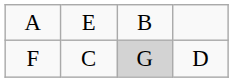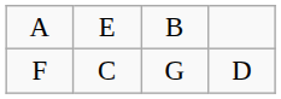 <table class="wikitable" style="margin-left: auto; margin-right: auto; border: none;text-align:center">
 <tr>
 <td>A</td>
 <td>E</td>
 <td>B</td>
 <td></td>
 </tr>
 <tr>
 <td style="width:2em;">F</td>
 <td style="width:2em;">C</td>
-<td style="background: lightgrey; width:2em;">G</td>
+<td style="width:2em;">G</td>
 <td style="width:2em;">D</td>
 </tr>
 </table>
